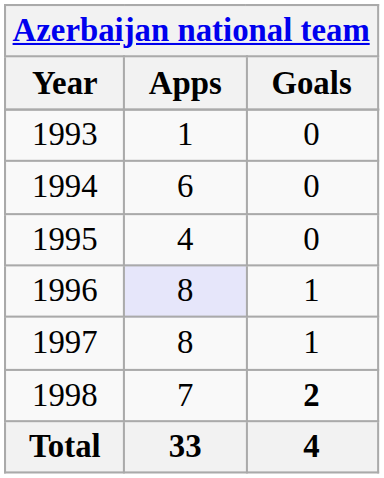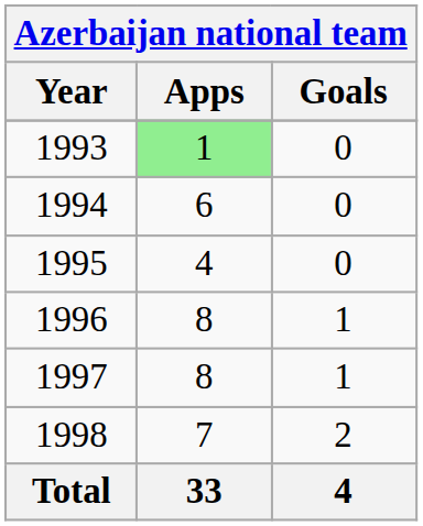 <table class="wikitable" style="text-align:center">
 <tr>
 <th colspan=3><a href='#'>Azerbaijan national team</a></th>
 </tr>
 <tr>
 <th>Year</th>
 <th>Apps</th>
 <th>Goals</th>
 </tr>
 <tr>
 </tr>
 <tr>
 <td>1993</td>
-<td>1</td>
+<td style="background: lightgreen;">1</td>
 <td>0</td>
 </tr>
 <tr>
 <td>1994</td>
 <td>6</td>
 <td>0</td>
 </tr>
 <tr>
 <td>1995</td>
 <td>4</td>
 <td>0</td>
 </tr>
 <tr>
 <td>1996</td>
-<td style="background: lavender;">8</td>
+<td>8</td>
 <td>1</td>
 </tr>
 <tr>
 <td>1997</td>
 <td>8</td>
 <td>1</td>
 </tr>
 <tr>
 <td>1998</td>
 <td>7</td>
-<td><strong>2</strong></td>
+<td>2</td>
 </tr>
 <tr>
 <th>Total</th>
 <th>33</th>
 <th>4</th>
 </tr>
 </table>
